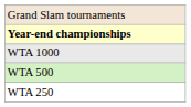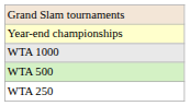 <table class="wikitable nowrap" style=font-size:90%;width:14%>
 <tr style="background:#F3E6D7;">
 <td>Grand Slam tournaments</td>
 </tr>
 <tr style="background:#ffc;">
-<td><strong>Year-end championships</strong></td>
+<td>Year-end championships</td>
 </tr>
 <tr style="background:#e9e9e9;">
 <td>WTA 1000</td>
 </tr>
 <tr style="background:#D4F1C5;">
 <td>WTA 500</td>
 </tr>
 <tr style="background:#fff;">
 <td>WTA 250</td>
 </tr>
 </table>
